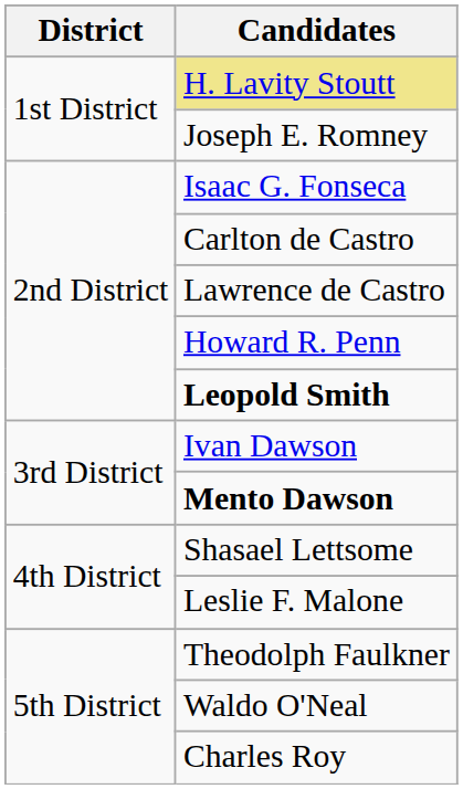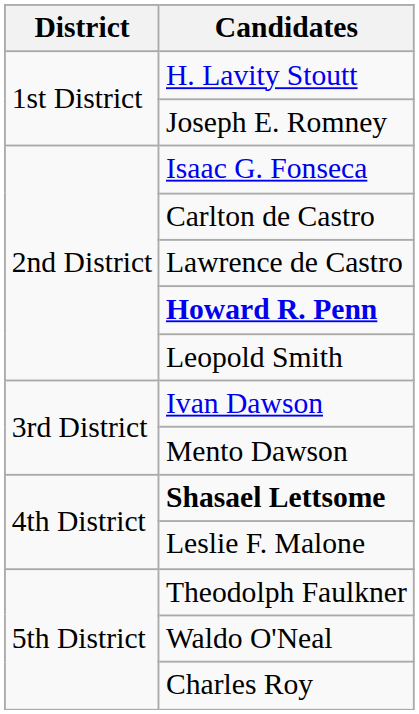 <table class=wikitable>
 <tr>
 <th>District</th>
 <th>Candidates</th>
 </tr>
 <tr>
 <td rowspan=2>1st District</td>
-<td style="background: khaki;"><a href='#'>H. Lavity Stoutt</a></td>
+<td><a href='#'>H. Lavity Stoutt</a></td>
 </tr>
 <tr>
 <td>Joseph E. Romney</td>
 </tr>
 <tr>
 <td rowspan=5>2nd District</td>
 <td><a href='#'>Isaac G. Fonseca</a></td>
 </tr>
 <tr>
 <td>Carlton de Castro</td>
 </tr>
 <tr>
 <td>Lawrence de Castro</td>
 </tr>
 <tr>
-<td><a href='#'>Howard R. Penn</a></td>
+<td><strong><a href='#'>Howard R. Penn</a></strong></td>
 </tr>
 <tr>
-<td><strong>Leopold Smith</strong></td>
+<td>Leopold Smith</td>
 </tr>
 <tr>
 <td rowspan=2>3rd District</td>
 <td><a href='#'>Ivan Dawson</a></td>
 </tr>
 <tr>
-<td><strong>Mento Dawson</strong></td>
+<td>Mento Dawson</td>
 </tr>
 <tr>
 <td rowspan=2>4th District</td>
-<td>Shasael Lettsome</td>
+<td><strong>Shasael Lettsome</strong></td>
 </tr>
 <tr>
 <td>Leslie F. Malone</td>
 </tr>
 <tr>
 <td rowspan="3">5th District</td>
 <td>Theodolph Faulkner</td>
 </tr>
 <tr>
 <td>Waldo O'Neal</td>
 </tr>
 <tr>
 <td>Charles Roy</td>
 </tr>
 </table>
